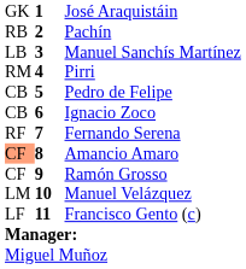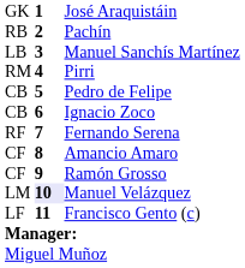 <table style="font-size: 90%" cellspacing="0" cellpadding="0">
 <tr>
 <td colspan="4"></td>
 </tr>
 <tr>
 <th width=25></th>
 <th width=25></th>
 </tr>
 <tr>
 <td>GK</td>
 <td><strong>1</strong></td>
 <td> <a href='#'>José Araquistáin</a></td>
 </tr>
 <tr>
 <td>RB</td>
 <td><strong>2</strong></td>
 <td> <a href='#'>Pachín</a></td>
 </tr>
 <tr>
 <td>LB</td>
 <td><strong>3</strong></td>
 <td> <a href='#'>Manuel Sanchís Martínez</a></td>
 </tr>
 <tr>
 <td>RM</td>
 <td><strong>4</strong></td>
 <td> <a href='#'>Pirri</a></td>
 </tr>
 <tr>
 <td>CB</td>
 <td><strong>5</strong></td>
 <td> <a href='#'>Pedro de Felipe</a></td>
 </tr>
 <tr>
 <td>CB</td>
 <td><strong>6</strong></td>
 <td> <a href='#'>Ignacio Zoco</a></td>
 </tr>
 <tr>
 <td>RF</td>
 <td><strong>7</strong></td>
 <td> <a href='#'>Fernando Serena</a></td>
 </tr>
 <tr>
-<td style="background: lightsalmon;">CF</td>
+<td>CF</td>
 <td><strong>8</strong></td>
 <td> <a href='#'>Amancio Amaro</a></td>
 </tr>
 <tr>
 <td>CF</td>
 <td><strong>9</strong></td>
 <td> <a href='#'>Ramón Grosso</a></td>
 </tr>
 <tr>
 <td>LM</td>
-<td><strong>10</strong></td>
+<td style="background: lavender;"><strong>10</strong></td>
 <td> <a href='#'>Manuel Velázquez</a></td>
 </tr>
 <tr>
 <td>LF</td>
 <td><strong>11</strong></td>
 <td> <a href='#'>Francisco Gento</a> (<a href='#'>c</a>)</td>
 </tr>
 <tr>
 <td colspan=3><strong>Manager:</strong></td>
 </tr>
 <tr>
 <td colspan=4> <a href='#'>Miguel Muñoz</a></td>
 </tr>
 </table>
